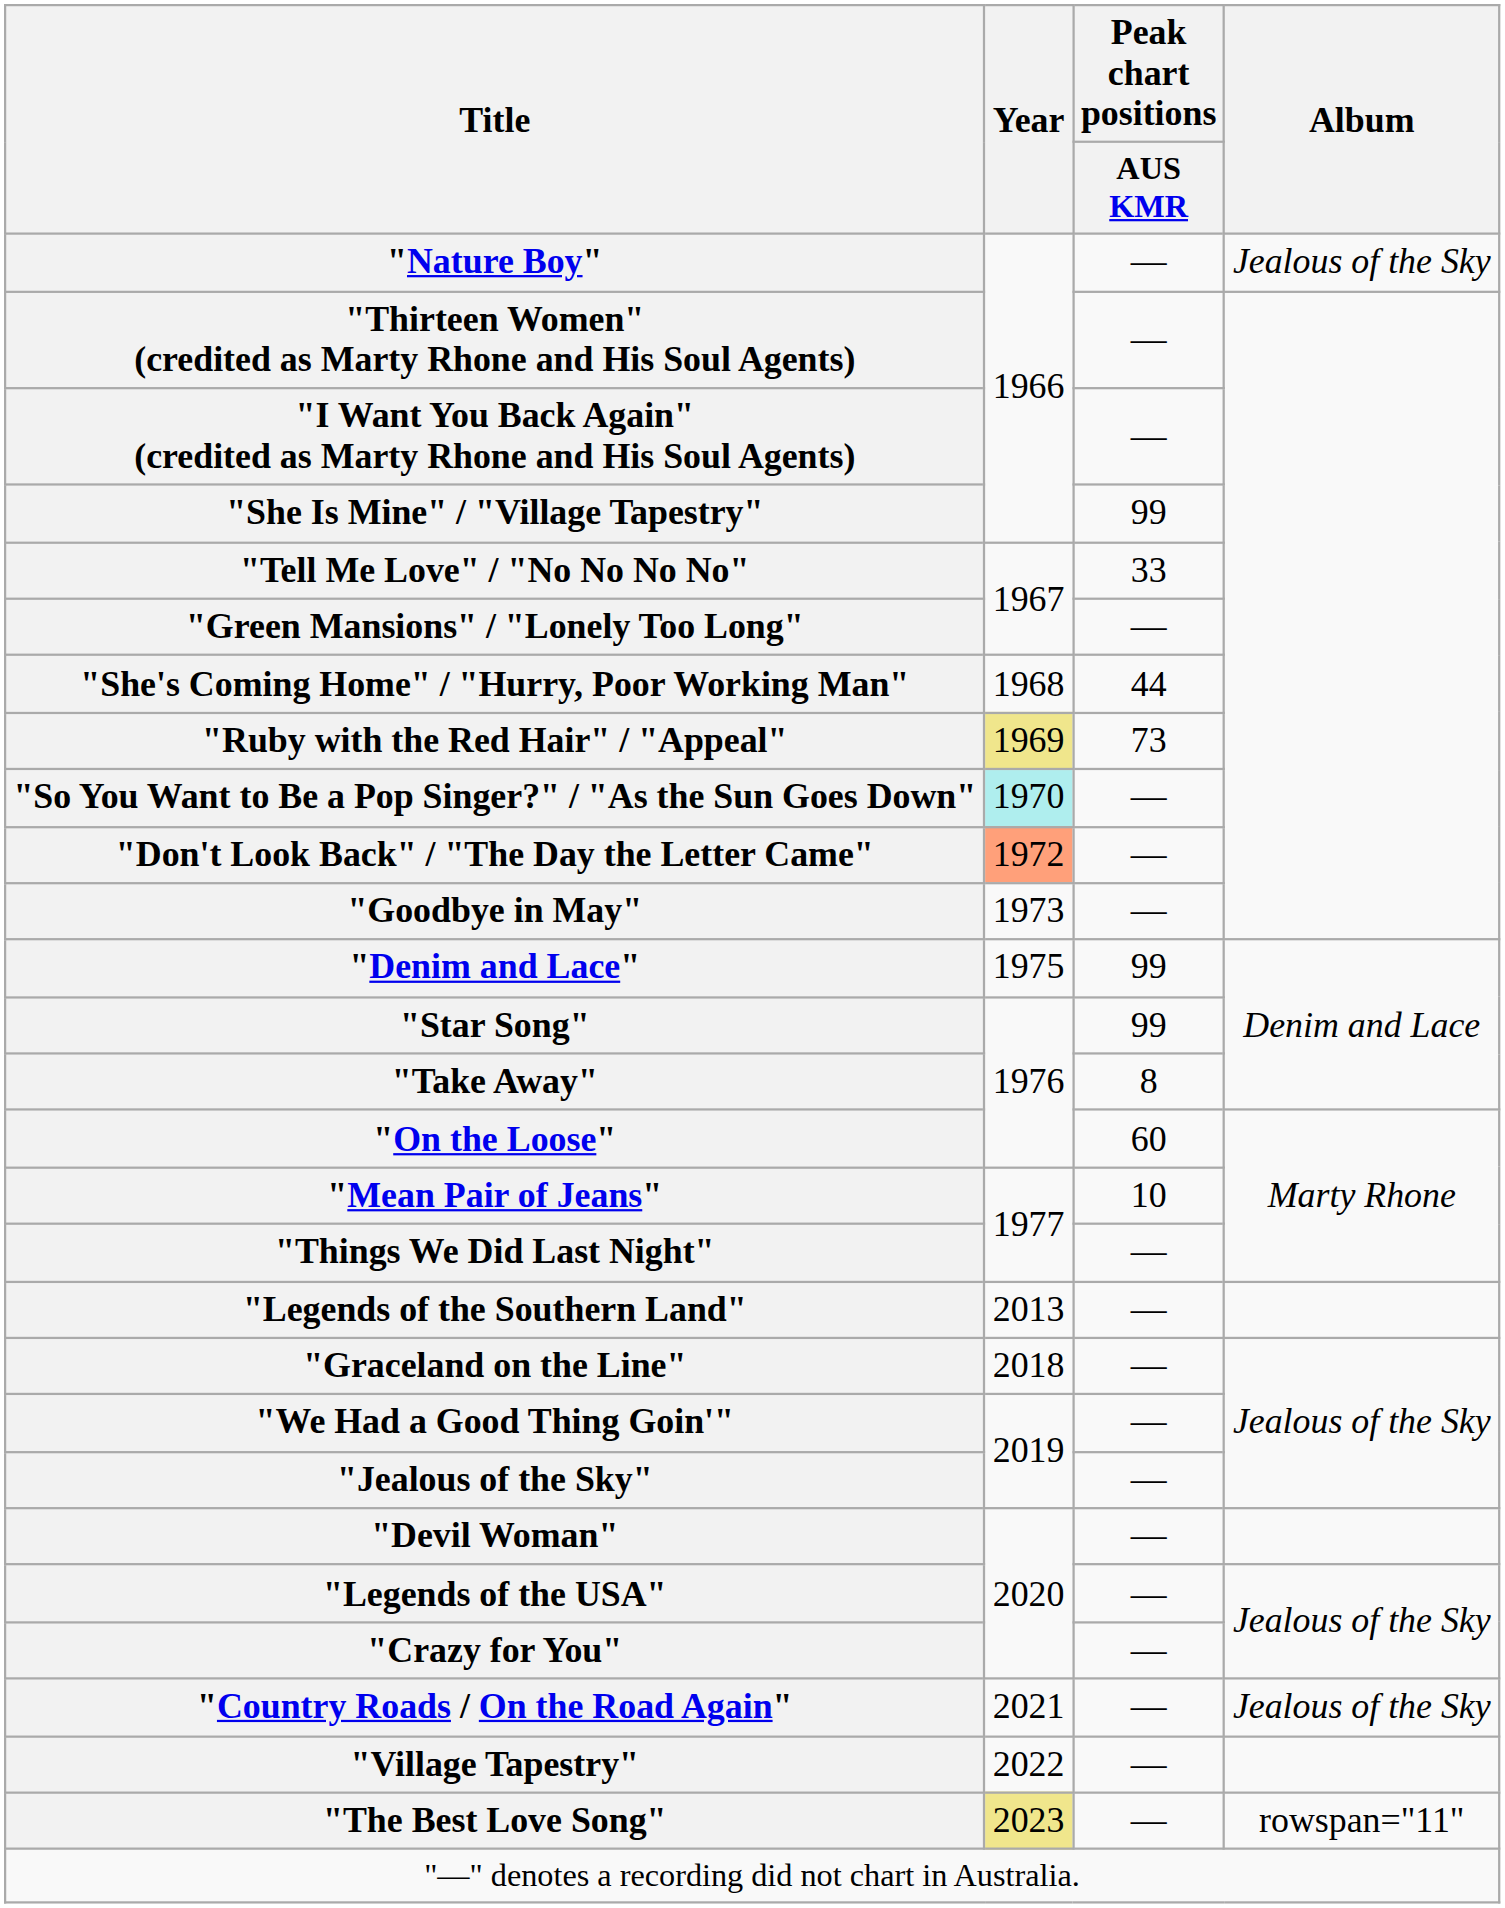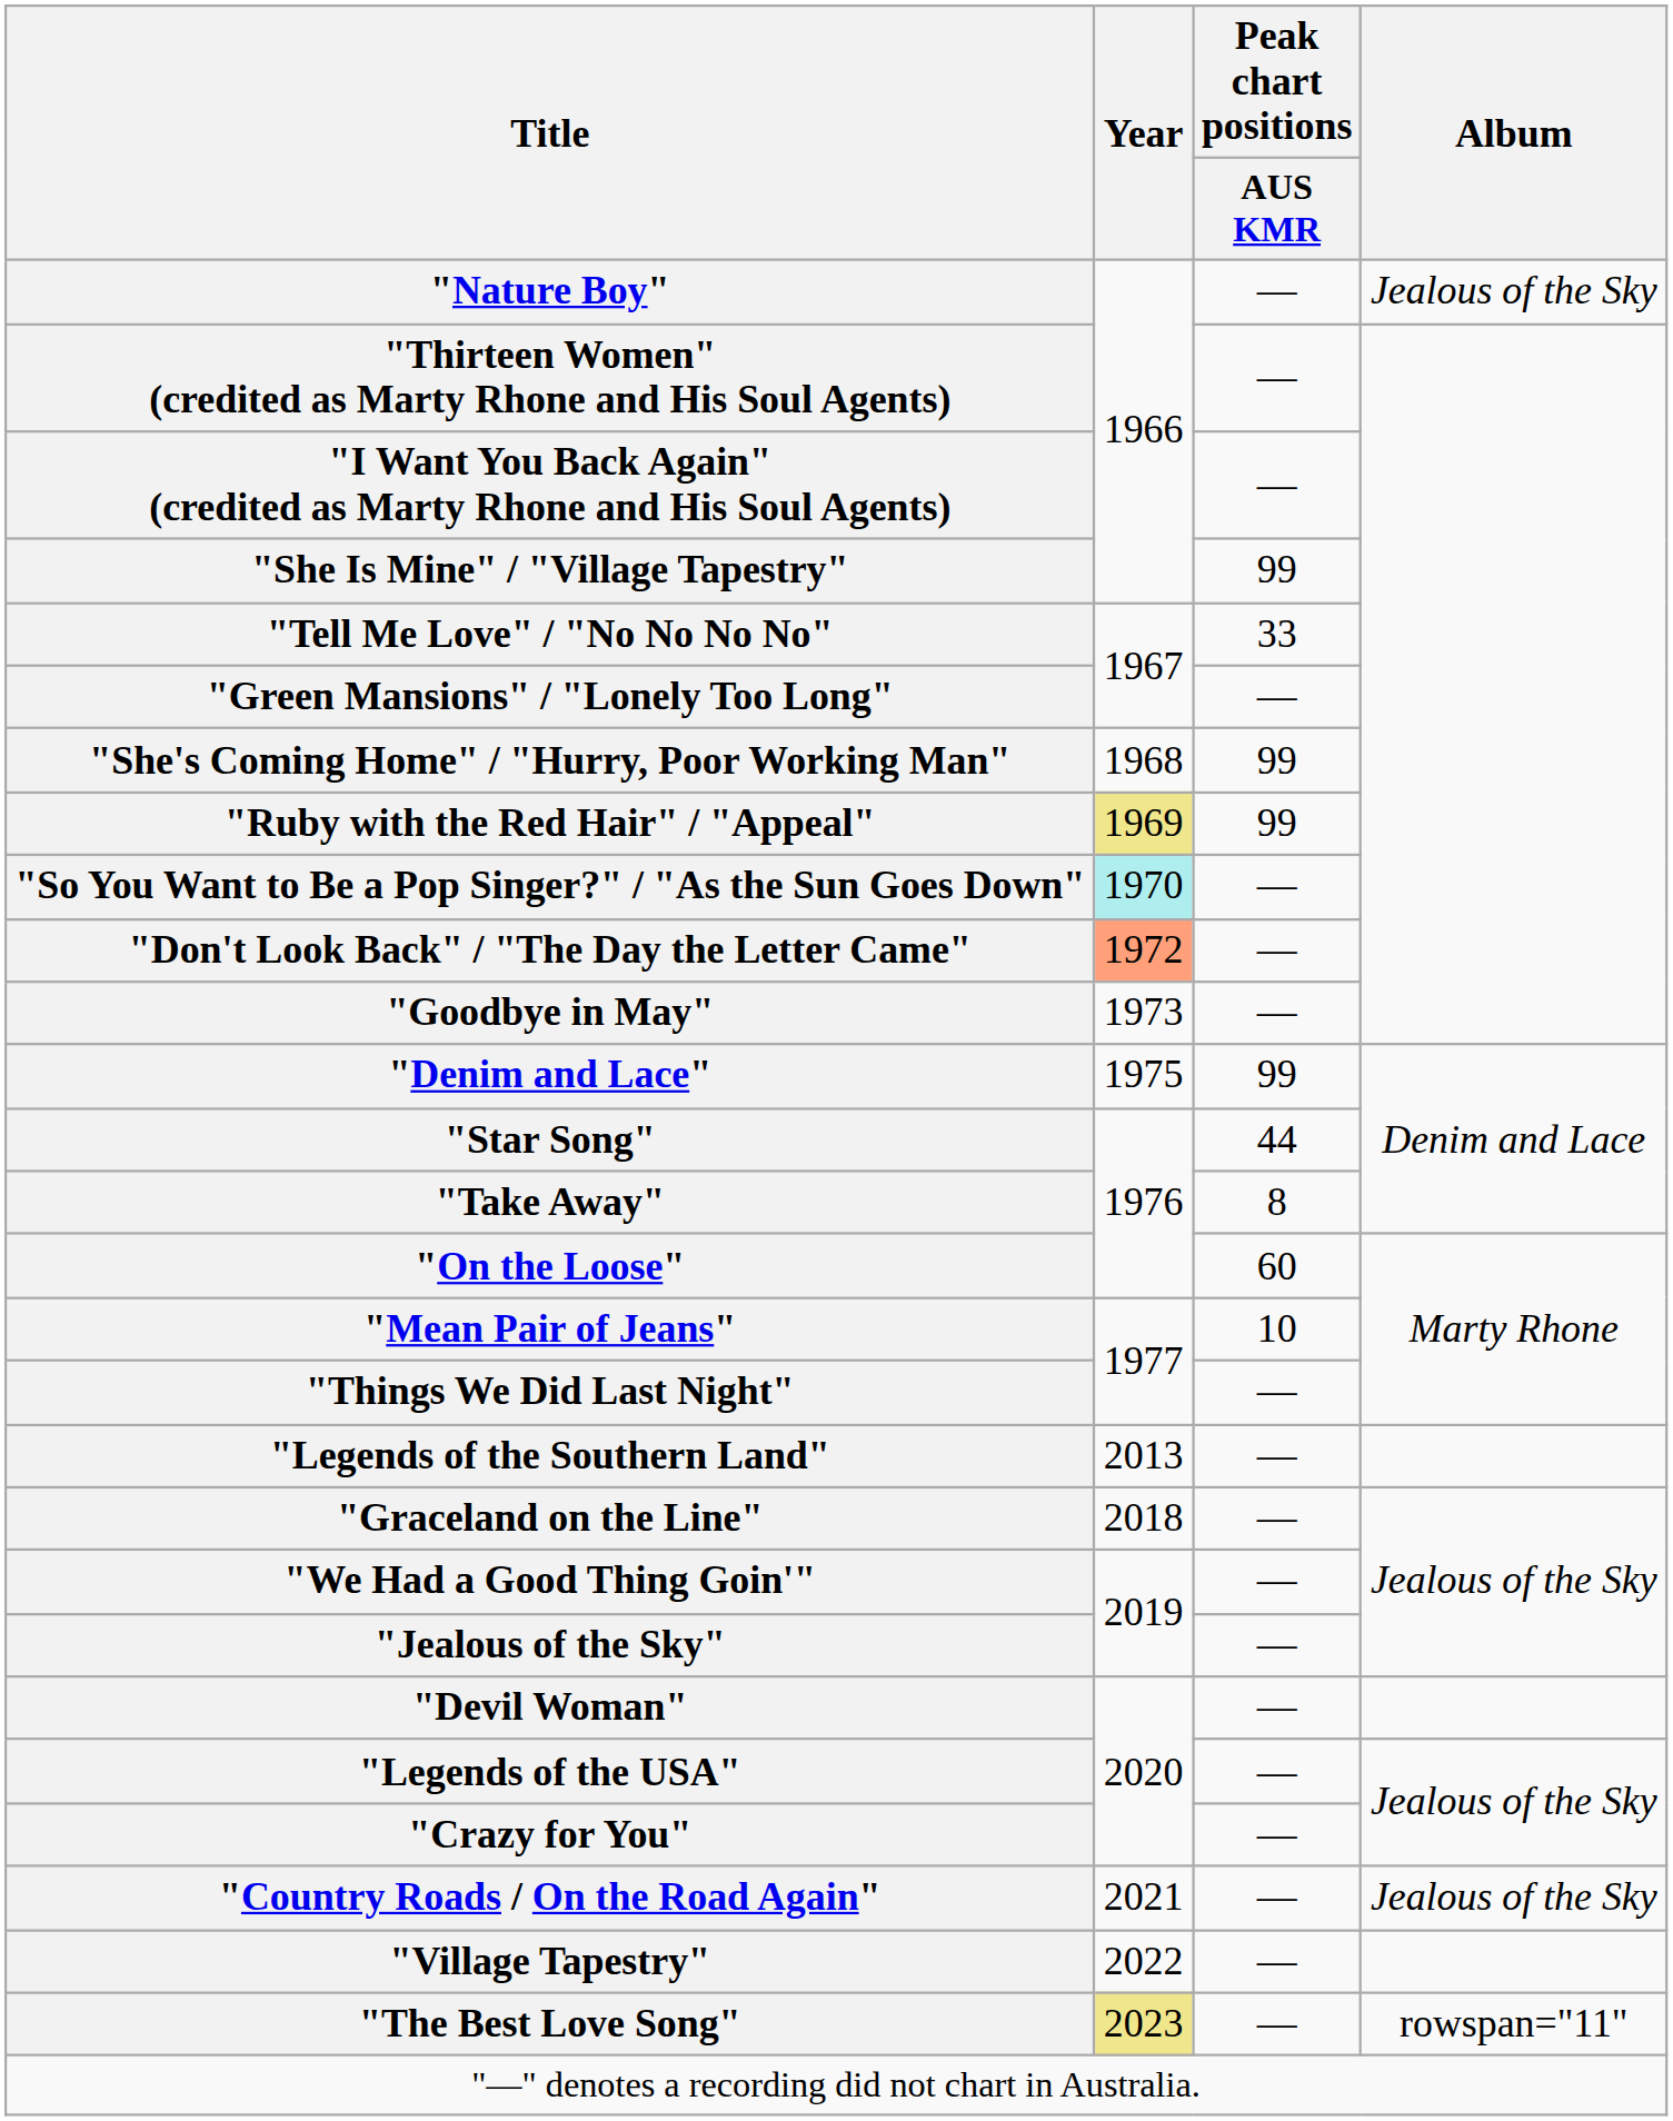 <table class="wikitable plainrowheaders" style="text-align:center;" border="1">
 <tr>
 <th scope="col" rowspan="2">Title</th>
 <th scope="col" rowspan="2">Year</th>
 <th scope="col" colspan="1">Peak chart positions</th>
 <th scope="col" rowspan="2">Album</th>
 </tr>
 <tr>
 <th scope="col" style="width:3em;font-size:90%;">AUS<br><a href='#'>KMR</a><br></th>
 </tr>
 <tr>
 <th scope="row">"<a href='#'>Nature Boy</a>"</th>
 <td rowspan="4">1966</td>
 <td>—</td>
 <td><em>Jealous of the Sky</em></td>
 </tr>
 <tr>
 <th scope="row">"Thirteen Women" <br> (credited as Marty Rhone and His Soul Agents)</th>
 <td>—</td>
 </tr>
 <tr>
 <th scope="row">"I Want You Back Again" <br> (credited as Marty Rhone and His Soul Agents)</th>
 <td>—</td>
 </tr>
 <tr>
 <th scope="row">"She Is Mine" / "Village Tapestry"</th>
 <td>99</td>
 </tr>
 <tr>
 <th scope="row">"Tell Me Love" / "No No No No"</th>
 <td rowspan="2">1967</td>
 <td>33</td>
 </tr>
 <tr>
 <th scope="row">"Green Mansions" / "Lonely Too Long"</th>
 <td>—</td>
 </tr>
 <tr>
 <th scope="row">"She's Coming Home" / "Hurry, Poor Working Man"</th>
 <td>1968</td>
-<td>44</td>
+<td>99</td>
 </tr>
 <tr>
 <th scope="row">"Ruby with the Red Hair" / "Appeal"</th>
 <td style="background: khaki;">1969</td>
-<td>73</td>
+<td>99</td>
 </tr>
 <tr>
 <th scope="row">"So You Want to Be a Pop Singer?" / "As the Sun Goes Down"</th>
 <td style="background: paleturquoise;">1970</td>
 <td>—</td>
 </tr>
 <tr>
 <th scope="row">"Don't Look Back" / "The Day the Letter Came"</th>
 <td style="background: lightsalmon;">1972</td>
 <td>—</td>
 </tr>
 <tr>
 <th scope="row">"Goodbye in May"</th>
 <td>1973</td>
 <td>—</td>
 </tr>
 <tr>
 <th scope="row">"<a href='#'>Denim and Lace</a>"</th>
 <td>1975</td>
 <td>99</td>
 <td rowspan="3"><em>Denim and Lace</em></td>
 </tr>
 <tr>
 <th scope="row">"Star Song"</th>
 <td rowspan="3">1976</td>
-<td>99</td>
+<td>44</td>
 </tr>
 <tr>
 <th scope="row">"Take Away"</th>
 <td>8</td>
 </tr>
 <tr>
 <th scope="row">"<a href='#'>On the Loose</a>"</th>
 <td>60</td>
 <td rowspan="3"><em>Marty Rhone</em></td>
 </tr>
 <tr>
 <th scope="row">"<a href='#'>Mean Pair of Jeans</a>"</th>
 <td rowspan="2">1977</td>
 <td>10</td>
 </tr>
 <tr>
 <th scope="row">"Things We Did Last Night"</th>
 <td>—</td>
 </tr>
 <tr>
 <th scope="row">"Legends of the Southern Land"<br></th>
 <td>2013</td>
 <td>—</td>
 <td></td>
 </tr>
 <tr>
 <th scope="row">"Graceland on the Line"</th>
 <td>2018</td>
 <td>—</td>
 <td rowspan="3"><em>Jealous of the Sky</em></td>
 </tr>
 <tr>
 <th scope="row">"We Had a Good Thing Goin'"</th>
 <td rowspan="2">2019</td>
 <td>—</td>
 </tr>
 <tr>
 <th scope="row">"Jealous of the Sky"</th>
 <td>—</td>
 </tr>
 <tr>
 <th scope="row">"Devil Woman"</th>
 <td rowspan="3">2020</td>
 <td>—</td>
 <td></td>
 </tr>
 <tr>
 <th scope="row">"Legends of the USA"</th>
 <td>—</td>
 <td rowspan="2"><em>Jealous of the Sky</em></td>
 </tr>
 <tr>
 <th scope="row">"Crazy for You"</th>
 <td>—</td>
 </tr>
 <tr>
 <th scope="row">"<a href='#'>Country Roads</a> / <a href='#'>On the Road Again</a>"</th>
 <td>2021</td>
 <td>—</td>
 <td><em>Jealous of the Sky</em></td>
 </tr>
 <tr>
 <th scope="row">"Village Tapestry"</th>
 <td>2022</td>
 <td>—</td>
 </tr>
 <tr>
 <th scope="row">"The Best Love Song"</th>
 <td style="background: khaki;">2023</td>
 <td>—</td>
 <td>rowspan="11" </td>
 </tr>
 <tr>
 <td colspan="4" style="font-size:90%">"—" denotes a recording did not chart in Australia.</td>
 </tr>
 </table>
